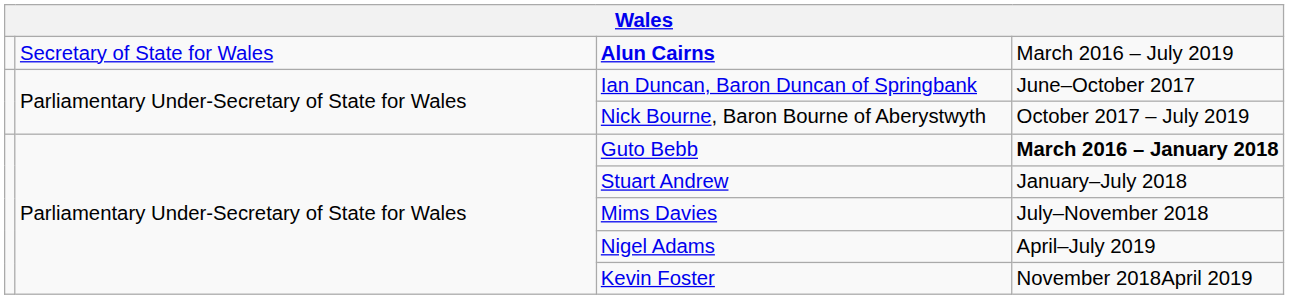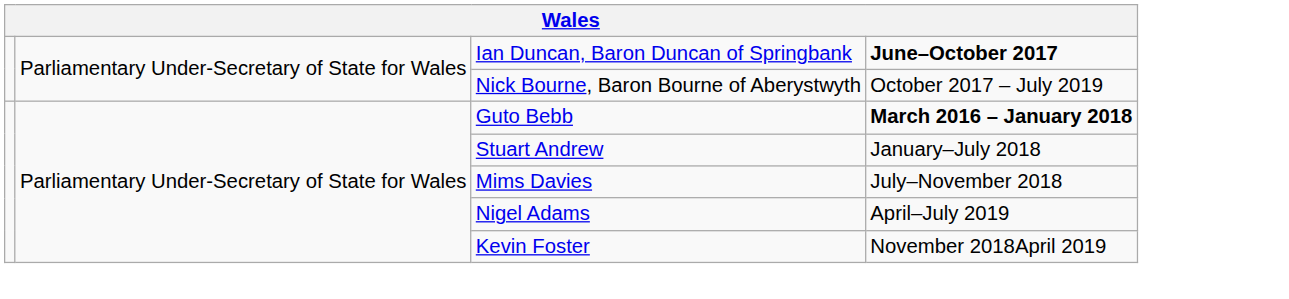 <table class="wikitable">
 <tr>
 <th colspan="4"><a href='#'>Wales</a></th>
 </tr>
 <tr>
-<td style="width: 1px; background: "></td>
-<td style="width: 450px;"><a href='#'>Secretary of State for Wales</a></td>
-<td style="width: 320px;"><strong><a href='#'>Alun Cairns</a></strong></td>
-<td>March 2016 – July 2019</td>
-</tr>
-<tr>
 <td rowspan="2" style="width: 1px; background: "></td>
 <td rowspan="2">Parliamentary Under-Secretary of State for Wales</td>
 <td><a href='#'>Ian Duncan, Baron Duncan of Springbank</a></td>
-<td>June–October 2017</td>
+<td><strong>June–October 2017</strong></td>
 </tr>
 <tr>
 <td><a href='#'>Nick Bourne</a>, Baron Bourne of Aberystwyth<br></td>
 <td>October 2017 – July 2019</td>
 </tr>
 <tr>
 <td rowspan="5" style="width: 1px; background: "></td>
 <td rowspan="5">Parliamentary Under-Secretary of State for Wales</td>
 <td><a href='#'>Guto Bebb</a><br></td>
 <td><strong>March 2016 – January 2018</strong></td>
 </tr>
 <tr>
 <td><a href='#'>Stuart Andrew</a> <br></td>
 <td>January–July 2018</td>
 </tr>
 <tr>
 <td><a href='#'>Mims Davies</a> <br></td>
 <td>July–November 2018</td>
 </tr>
 <tr>
 <td><a href='#'>Nigel Adams</a> <br></td>
 <td>April–July 2019</td>
 </tr>
 <tr>
 <td><a href='#'>Kevin Foster</a> <br></td>
 <td>November 2018April 2019</td>
 </tr>
 </table>
